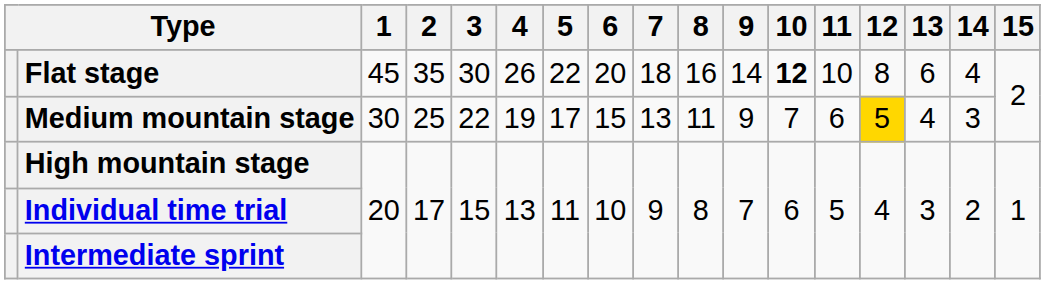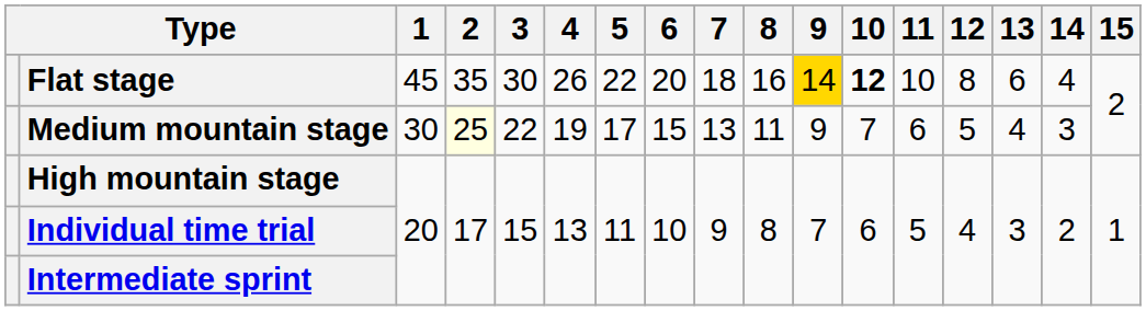 <table class="wikitable plainrowheaders floatright" style="text-align: center;">
 <tr>
 <th scope="col" colspan="2">Type</th>
 <th scope="col">1</th>
 <th scope="col">2</th>
 <th scope="col">3</th>
 <th scope="col">4</th>
 <th scope="col">5</th>
 <th scope="col">6</th>
 <th scope="col">7</th>
 <th scope="col">8</th>
 <th scope="col">9</th>
 <th scope="col">10</th>
 <th scope="col">11</th>
 <th scope="col">12</th>
 <th scope="col">13</th>
 <th scope="col">14</th>
 <th scope="col">15</th>
 </tr>
 <tr>
 <th scope="row"></th>
 <th scope="row" style="text-align:left;">Flat stage</th>
 <td>45</td>
 <td>35</td>
 <td>30</td>
 <td>26</td>
 <td>22</td>
 <td>20</td>
 <td>18</td>
 <td>16</td>
-<td>14</td>
+<td style="background: gold;">14</td>
 <td><strong>12</strong></td>
 <td>10</td>
 <td>8</td>
 <td>6</td>
 <td>4</td>
 <td rowspan="2">2</td>
 </tr>
 <tr>
 <th scope="row"></th>
 <th scope="row" style="text-align:left;">Medium mountain stage</th>
 <td>30</td>
-<td>25</td>
+<td style="background: lightyellow;">25</td>
 <td>22</td>
 <td>19</td>
 <td>17</td>
 <td>15</td>
 <td>13</td>
 <td>11</td>
 <td>9</td>
 <td>7</td>
 <td>6</td>
-<td style="background: gold;">5</td>
+<td>5</td>
 <td>4</td>
 <td>3</td>
 </tr>
 <tr>
 <th scope="row"></th>
 <th scope="row" style="text-align:left;">High mountain stage</th>
 <td rowspan="3">20</td>
 <td rowspan="3">17</td>
 <td rowspan="3">15</td>
 <td rowspan="3">13</td>
 <td rowspan="3">11</td>
 <td rowspan="3">10</td>
 <td rowspan="3">9</td>
 <td rowspan="3">8</td>
 <td rowspan="3">7</td>
 <td rowspan="3">6</td>
 <td rowspan="3">5</td>
 <td rowspan="3">4</td>
 <td rowspan="3">3</td>
 <td rowspan="3">2</td>
 <td rowspan="3">1</td>
 </tr>
 <tr>
 <th scope="row"></th>
 <th scope="row" style="text-align:left;"><a href='#'>Individual time trial</a></th>
 </tr>
 <tr>
 <th scope="row"></th>
 <th scope="row" style="text-align:left;"><a href='#'>Intermediate sprint</a></th>
 </tr>
 </table>
